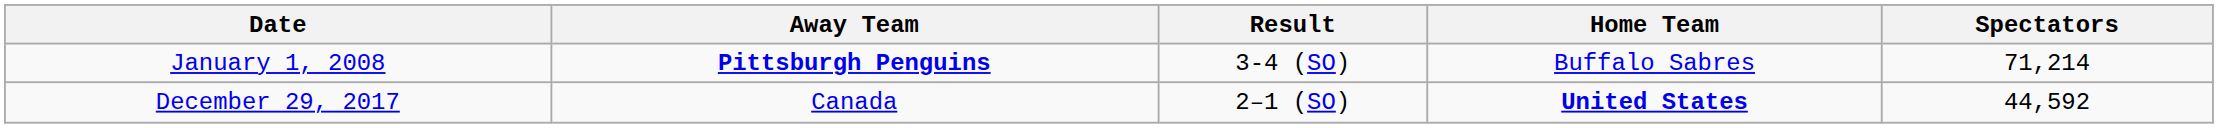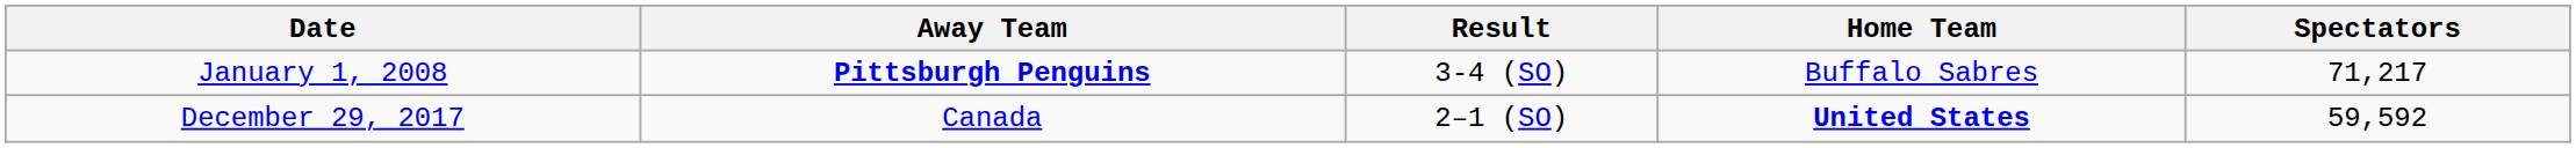 <table class="wikitable"  style="text-align:left; width:95%; text-align:center;">
 <tr>
 <th style="text-align:center; ">Date</th>
 <th style="text-align:center; ">Away Team</th>
 <th style="text-align:center; ">Result</th>
 <th style="text-align:center; ">Home Team</th>
 <th style="text-align:center; ">Spectators</th>
 </tr>
 <tr>
 <td><a href='#'>January 1, 2008</a></td>
 <td><strong><a href='#'>Pittsburgh Penguins</a></strong></td>
 <td>3-4 (<a href='#'>SO</a>)</td>
 <td><a href='#'>Buffalo Sabres</a></td>
-<td>71,214</td>
+<td>71,217</td>
 </tr>
 <tr>
 <td><a href='#'>December 29, 2017</a></td>
 <td> <a href='#'>Canada</a></td>
 <td>2–1 (<a href='#'>SO</a>)</td>
 <td> <strong><a href='#'>United States</a></strong></td>
-<td>44,592</td>
+<td>59,592</td>
 </tr>
 </table>
